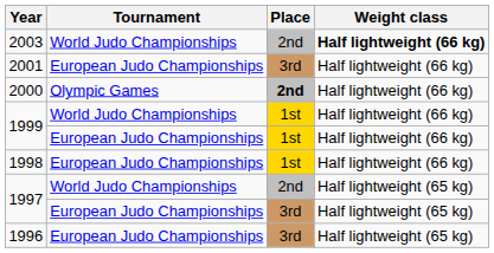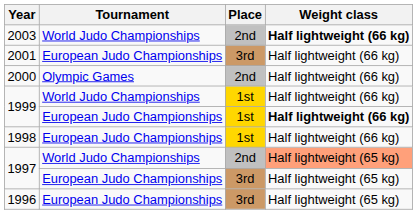 <table class="wikitable" style="font-size:95%;">
 <tr>
 <th>Year</th>
 <th>Tournament</th>
 <th>Place</th>
 <th>Weight class</th>
 </tr>
 <tr>
 <td>2003</td>
 <td><a href='#'>World Judo Championships</a></td>
 <td bgcolor="silver" align="center">2nd</td>
 <td><strong>Half lightweight (66 kg)</strong></td>
 </tr>
 <tr>
 <td>2001</td>
 <td><a href='#'>European Judo Championships</a></td>
 <td bgcolor="cc9966" align="center">3rd</td>
 <td>Half lightweight (66 kg)</td>
 </tr>
 <tr>
 <td>2000</td>
 <td><a href='#'>Olympic Games</a></td>
-<td bgcolor="silver" align="center"><strong>2nd</strong></td>
+<td bgcolor="silver" align="center">2nd</td>
 <td>Half lightweight (66 kg)</td>
 </tr>
 <tr>
 <td rowspan=2>1999</td>
 <td><a href='#'>World Judo Championships</a></td>
 <td bgcolor="gold" align="center">1st</td>
 <td>Half lightweight (66 kg)</td>
 </tr>
 <tr>
 <td><a href='#'>European Judo Championships</a></td>
 <td bgcolor="gold" align="center">1st</td>
-<td>Half lightweight (66 kg)</td>
+<td><strong>Half lightweight (66 kg)</strong></td>
 </tr>
 <tr>
 <td>1998</td>
 <td><a href='#'>European Judo Championships</a></td>
 <td bgcolor="gold" align="center">1st</td>
 <td>Half lightweight (66 kg)</td>
 </tr>
 <tr>
 <td rowspan=2>1997</td>
 <td><a href='#'>World Judo Championships</a></td>
 <td bgcolor="silver" align="center">2nd</td>
-<td>Half lightweight (65 kg)</td>
+<td style="background: lightsalmon;">Half lightweight (65 kg)</td>
 </tr>
 <tr>
 <td><a href='#'>European Judo Championships</a></td>
 <td bgcolor="cc9966" align="center">3rd</td>
 <td>Half lightweight (65 kg)</td>
 </tr>
 <tr>
 <td>1996</td>
 <td><a href='#'>European Judo Championships</a></td>
 <td bgcolor="cc9966" align="center">3rd</td>
 <td>Half lightweight (65 kg)</td>
 </tr>
 </table>
